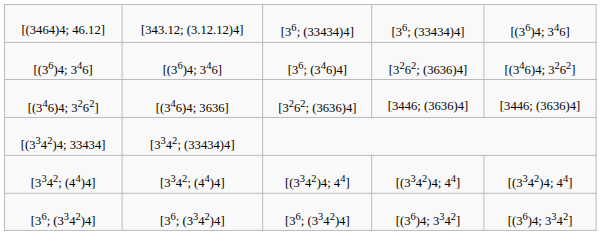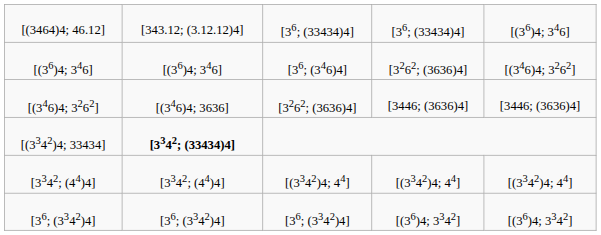 <table class=wikitable width=750>
 <tr align=center>
 <td><br>[(3464)4; 46.12]</td>
 <td><br>[343.12; (3.12.12)4]</td>
 <td><br>[3<sup>6</sup>; (33434)4]</td>
 <td><br>[3<sup>6</sup>; (33434)4]</td>
 <td><br>[(3<sup>6</sup>)4; 3<sup>4</sup>6]</td>
 </tr>
 <tr align=center>
 <td><br>[(3<sup>6</sup>)4; 3<sup>4</sup>6]</td>
 <td><br>[(3<sup>6</sup>)4; 3<sup>4</sup>6]</td>
 <td><br>[3<sup>6</sup>; (3<sup>4</sup>6)4]</td>
 <td><br>[3<sup>2</sup>6<sup>2</sup>; (3636)4]</td>
 <td><br>[(3<sup>4</sup>6)4; 3<sup>2</sup>6<sup>2</sup>]</td>
 </tr>
 <tr align=center>
 <td><br>[(3<sup>4</sup>6)4; 3<sup>2</sup>6<sup>2</sup>]</td>
 <td><br>[(3<sup>4</sup>6)4; 3636]</td>
 <td><br>[3<sup>2</sup>6<sup>2</sup>; (3636)4]</td>
 <td><br>[3446; (3636)4]</td>
 <td><br>[3446; (3636)4]</td>
 </tr>
 <tr align=center>
 <td><br>[(3<sup>3</sup>4<sup>2</sup>)4; 33434]</td>
-<td><br>[3<sup>3</sup>4<sup>2</sup>; (33434)4]</td>
+<td><strong><br>[3<sup>3</sup>4<sup>2</sup>; (33434)4]</strong></td>
 </tr>
 <tr align=center>
 <td><br>[3<sup>3</sup>4<sup>2</sup>; (4<sup>4</sup>)4]</td>
 <td><br>[3<sup>3</sup>4<sup>2</sup>; (4<sup>4</sup>)4]</td>
 <td><br>[(3<sup>3</sup>4<sup>2</sup>)4; 4<sup>4</sup>]</td>
 <td><br>[(3<sup>3</sup>4<sup>2</sup>)4; 4<sup>4</sup>]</td>
 <td><br>[(3<sup>3</sup>4<sup>2</sup>)4; 4<sup>4</sup>]</td>
 </tr>
 <tr align=center>
 <td><br>[3<sup>6</sup>; (3<sup>3</sup>4<sup>2</sup>)4]</td>
 <td><br>[3<sup>6</sup>; (3<sup>3</sup>4<sup>2</sup>)4]</td>
 <td><br>[3<sup>6</sup>; (3<sup>3</sup>4<sup>2</sup>)4]</td>
 <td><br>[(3<sup>6</sup>)4; 3<sup>3</sup>4<sup>2</sup>]</td>
 <td><br>[(3<sup>6</sup>)4; 3<sup>3</sup>4<sup>2</sup>]</td>
 </tr>
 </table>
